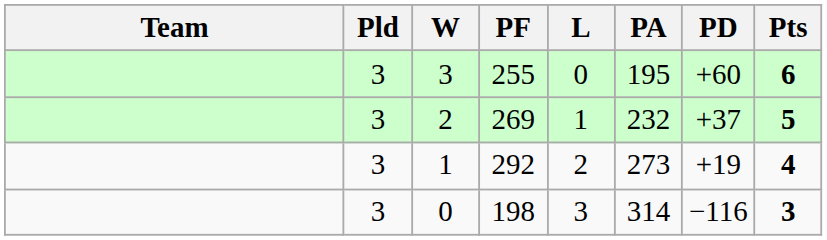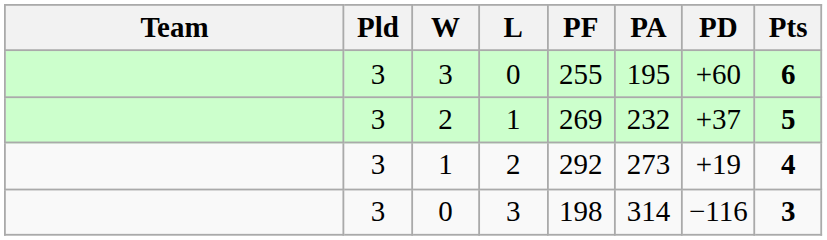 <table class=wikitable style="text-align:center">
 <tr>
 <th width=180>Team</th>
 <th width=30>Pld</th>
 <th width=30>W</th>
+<th width=30>L</th>
 <th width=30>PF</th>
-<th width=30>L</th>
 <th width=30>PA</th>
 <th width=30>PD</th>
 <th width=30>Pts</th>
 </tr>
 <tr align=center bgcolor="#ccffcc">
 <td align=left></td>
 <td>3</td>
 <td>3</td>
+<td>0</td>
 <td>255</td>
-<td>0</td>
 <td>195</td>
 <td>+60</td>
 <td><strong>6</strong></td>
 </tr>
 <tr align=center bgcolor="#ccffcc">
 <td align=left></td>
 <td>3</td>
 <td>2</td>
+<td>1</td>
 <td>269</td>
-<td>1</td>
 <td>232</td>
 <td>+37</td>
 <td><strong>5</strong></td>
 </tr>
 <tr align=center>
 <td align=left></td>
 <td>3</td>
 <td>1</td>
+<td>2</td>
 <td>292</td>
-<td>2</td>
 <td>273</td>
 <td>+19</td>
 <td><strong>4</strong></td>
 </tr>
 <tr align=center>
 <td align=left></td>
 <td>3</td>
 <td>0</td>
+<td>3</td>
 <td>198</td>
-<td>3</td>
 <td>314</td>
 <td>−116</td>
 <td><strong>3</strong></td>
 </tr>
 </table>
